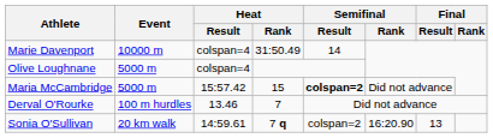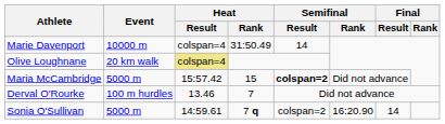 <table class=wikitable style="font-size:90%">
 <tr>
 <th rowspan="2">Athlete</th>
 <th rowspan="2">Event</th>
 <th colspan="2">Heat</th>
 <th colspan="2">Semifinal</th>
 <th colspan="2">Final</th>
 </tr>
 <tr style="font-size:95%">
 <th>Result</th>
 <th>Rank</th>
 <th>Result</th>
 <th>Rank</th>
 <th>Result</th>
 <th>Rank</th>
 </tr>
 <tr align=center>
 <td align=left><a href='#'>Marie Davenport</a></td>
 <td align=left><a href='#'>10000 m</a></td>
 <td>colspan=4 </td>
 <td>31:50.49</td>
 <td>14</td>
 </tr>
 <tr align=center>
 <td align=left><a href='#'>Olive Loughnane</a></td>
-<td align=left><a href='#'>5000 m</a></td>
-<td>colspan=4 </td>
+<td align=left><a href='#'>20 km walk</a></td>
+<td style="background: khaki;">colspan=4 </td>
 <td colspan=2></td>
 </tr>
 <tr align=center>
 <td align=left><a href='#'>Maria McCambridge</a></td>
 <td align=left><a href='#'>5000 m</a></td>
 <td>15:57.42</td>
 <td>15</td>
 <td><strong>colspan=2 </strong></td>
 <td colspan=2>Did not advance</td>
 </tr>
 <tr align=center>
 <td align=left><a href='#'>Derval O'Rourke</a></td>
 <td align=left><a href='#'>100 m hurdles</a></td>
 <td>13.46</td>
 <td>7</td>
 <td colspan=4>Did not advance</td>
 </tr>
 <tr align=center>
 <td align=left><a href='#'>Sonia O'Sullivan</a></td>
-<td align=left><a href='#'>20 km walk</a></td>
+<td align=left><a href='#'>5000 m</a></td>
 <td>14:59.61</td>
 <td>7 <strong>q</strong></td>
 <td>colspan=2 </td>
 <td>16:20.90</td>
-<td>13</td>
+<td>14</td>
 </tr>
 </table>
